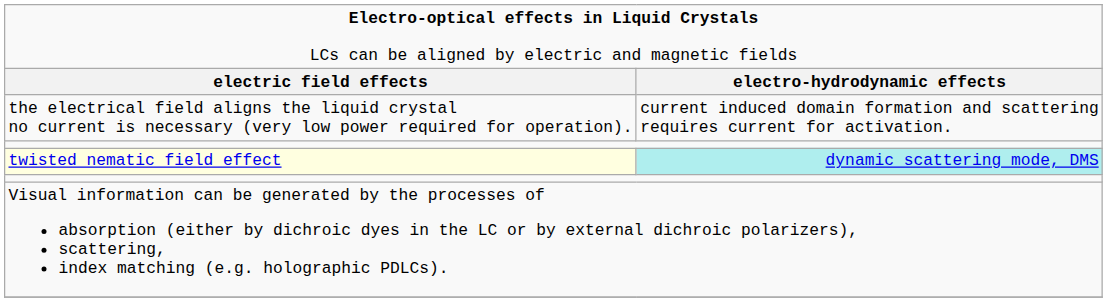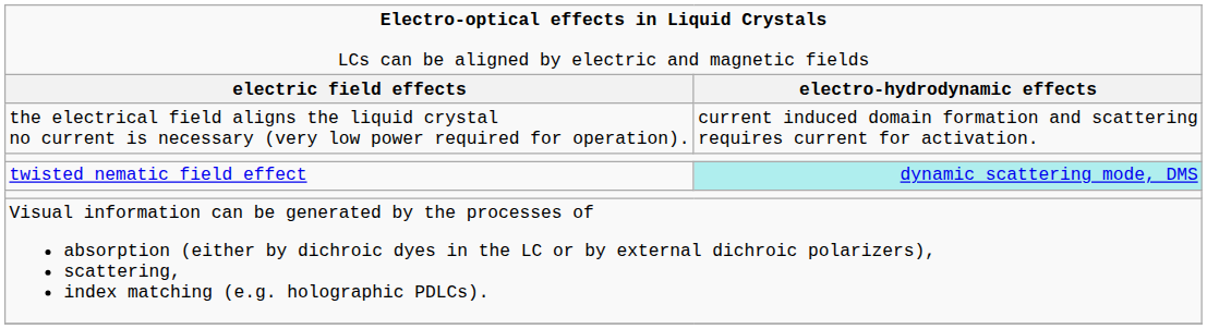 <table class="wikitable">
 <tr valign="top" align="left">
 <td colspan="2"  align="center"><strong>Electro-optical effects in Liquid Crystals</strong><br><br>LCs can be aligned by electric and magnetic fields</td>
 </tr>
 <tr>
 <th><strong>electric field effects</strong></th>
 <th><strong>electro-hydrodynamic effects</strong></th>
 </tr>
 <tr>
 <td>the electrical field aligns the liquid crystal<br>no current is necessary (very low power required for operation).</td>
 <td>current induced domain formation and scattering<br>requires current for activation.</td>
 </tr>
 <tr>
 <td colspan="2"></td>
 </tr>
 <tr>
-<td valign="top" style="background: lightyellow;"><a href='#'>twisted nematic field effect</a></td>
+<td valign="top"><a href='#'>twisted nematic field effect</a></td>
 <td align="right" valign="top" style="background: paleturquoise;"><a href='#'>dynamic scattering mode, DMS</a></td>
 </tr>
 <tr>
 <td colspan="2"></td>
 </tr>
 <tr>
 <td colspan="2">Visual information can be generated by the processes of<br><ul><li>absorption (either by dichroic dyes in the LC or by external dichroic polarizers),</li><li>scattering,</li><li>index matching (e.g. holographic PDLCs).</li></ul></td>
 </tr>
 <tr>
 </tr>
 </table>
